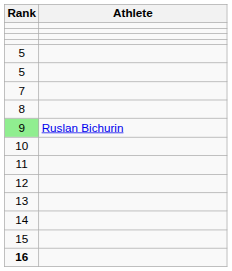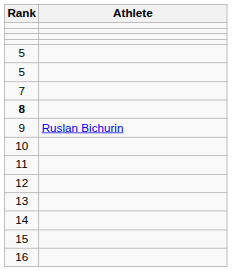 <table class="wikitable" style="text-align: center;">
 <tr>
 <th width=40>Rank</th>
 <th width=250>Athlete</th>
 </tr>
 <tr>
 <td></td>
 <td align="left"></td>
 </tr>
 <tr>
 <td></td>
 <td align="left"></td>
 </tr>
 <tr>
 <td></td>
 <td align="left"></td>
 </tr>
 <tr>
 <td></td>
 <td align="left"></td>
 </tr>
 <tr>
 <td>5</td>
 <td align="left"></td>
 </tr>
 <tr>
 <td>5</td>
 <td align="left"></td>
 </tr>
 <tr>
 <td>7</td>
 <td align="left"></td>
 </tr>
 <tr>
-<td>8</td>
+<td><strong>8</strong></td>
 <td align="left"></td>
 </tr>
 <tr>
-<td style="background: lightgreen;">9</td>
+<td>9</td>
 <td align="left"> <a href='#'>Ruslan Bichurin</a> </td>
 </tr>
 <tr>
 <td>10</td>
 <td align="left"></td>
 </tr>
 <tr>
 <td>11</td>
 <td align="left"></td>
 </tr>
 <tr>
 <td>12</td>
 <td align="left"></td>
 </tr>
 <tr>
 <td>13</td>
 <td align="left"></td>
 </tr>
 <tr>
 <td>14</td>
 <td align="left"></td>
 </tr>
 <tr>
 <td>15</td>
 <td align="left"></td>
 </tr>
 <tr>
-<td><strong>16</strong></td>
+<td>16</td>
 <td align="left"></td>
 </tr>
 </table>
